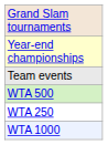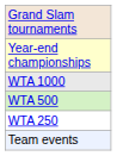 <table class="wikitable nowrap" style=font-size:90%;width:14%>
 <tr style="background:#F3E6D7;">
 <td><a href='#'>Grand Slam tournaments</a></td>
 </tr>
 <tr style="background:#ffc;">
 <td><a href='#'>Year-end championships</a></td>
 </tr>
 <tr style="background:#e9e9e9;">
-<td>Team events</td>
+<td><a href='#'>WTA 1000</a></td>
 </tr>
 <tr style="background:#D4F1C5;">
 <td><a href='#'>WTA 500</a></td>
 </tr>
 <tr style="background:#fff;">
 <td><a href='#'>WTA 250</a></td>
 </tr>
 <tr style="background:#ECF2FF;">
-<td><a href='#'>WTA 1000</a></td>
+<td>Team events</td>
 </tr>
 </table>
